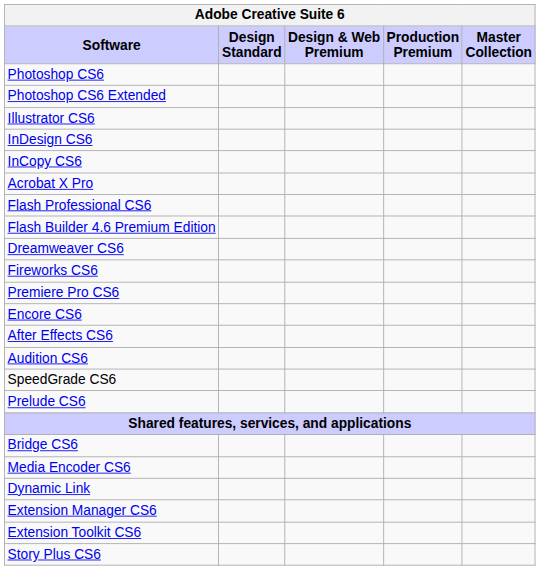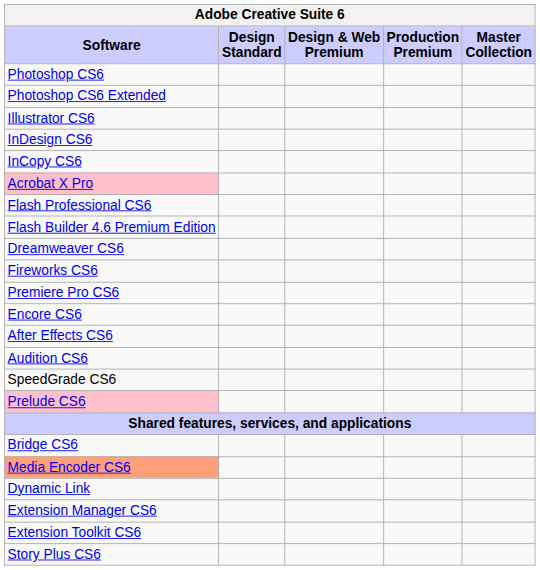 <table class="wikitable collapsible collapsed">
 <tr>
 <th colspan="7">Adobe Creative Suite 6</th>
 </tr>
 <tr>
 <th style="background:#ccf;">Software</th>
 <th style="background:#ccf;">Design<br>Standard</th>
 <th style="background:#ccf;">Design & Web<br>Premium</th>
 <th style="background:#ccf;">Production<br>Premium</th>
 <th style="background:#ccf;">Master<br>Collection</th>
 </tr>
 <tr>
 <td><a href='#'>Photoshop CS6</a></td>
 <td style="text-align: center;"></td>
 <td></td>
 <td></td>
 <td></td>
 </tr>
 <tr>
 <td><a href='#'>Photoshop CS6 Extended</a></td>
 <td></td>
 <td style="text-align: center;"></td>
 <td style="text-align: center;"></td>
 <td style="text-align: center;"></td>
 </tr>
 <tr>
 <td><a href='#'>Illustrator CS6</a></td>
 <td style="text-align: center;"></td>
 <td style="text-align: center;"></td>
 <td style="text-align: center;"></td>
 <td style="text-align: center;"></td>
 </tr>
 <tr>
 <td><a href='#'>InDesign CS6</a></td>
 <td style="text-align: center;"></td>
 <td style="text-align: center;"></td>
 <td></td>
 <td style="text-align: center;"></td>
 </tr>
 <tr>
 <td><a href='#'>InCopy CS6</a></td>
 <td></td>
 <td></td>
 <td></td>
 <td></td>
 </tr>
 <tr>
-<td><a href='#'>Acrobat X Pro</a></td>
+<td style="background: pink;"><a href='#'>Acrobat X Pro</a></td>
 <td style="text-align: center;"></td>
 <td style="text-align: center;"></td>
 <td></td>
 <td style="text-align: center;"></td>
 </tr>
 <tr>
 <td><a href='#'>Flash Professional CS6</a></td>
 <td></td>
 <td style="text-align: center;"></td>
 <td style="text-align: center;"></td>
 <td style="text-align: center;"></td>
 </tr>
 <tr>
 <td><a href='#'>Flash Builder 4.6 Premium Edition</a></td>
 <td></td>
 <td></td>
 <td></td>
 <td style="text-align: center;"></td>
 </tr>
 <tr>
 <td><a href='#'>Dreamweaver CS6</a></td>
 <td></td>
 <td style="text-align: center;"></td>
 <td></td>
 <td style="text-align: center;"></td>
 </tr>
 <tr>
 <td><a href='#'>Fireworks CS6</a></td>
 <td></td>
 <td style="text-align: center;"></td>
 <td></td>
 <td style="text-align: center;"></td>
 </tr>
 <tr>
 <td><a href='#'>Premiere Pro CS6</a></td>
 <td></td>
 <td></td>
 <td style="text-align: center;"></td>
 <td style="text-align: center;"></td>
 </tr>
 <tr>
 <td><a href='#'>Encore CS6</a></td>
 <td></td>
 <td></td>
 <td style="text-align: center;"></td>
 <td style="text-align: center;"></td>
 </tr>
 <tr>
 <td><a href='#'>After Effects CS6</a></td>
 <td></td>
 <td></td>
 <td style="text-align: center;"></td>
 <td style="text-align: center;"></td>
 </tr>
 <tr>
 <td><a href='#'>Audition CS6</a></td>
 <td></td>
 <td></td>
 <td style="text-align: center;"></td>
 <td style="text-align: center;"></td>
 </tr>
 <tr>
 <td>SpeedGrade CS6</td>
 <td></td>
 <td></td>
 <td style="text-align: center;"></td>
 <td style="text-align: center;"></td>
 </tr>
 <tr>
-<td><a href='#'>Prelude CS6</a></td>
+<td style="background: pink;"><a href='#'>Prelude CS6</a></td>
 <td></td>
 <td></td>
 <td style="text-align: center;"></td>
 <td style="text-align: center;"></td>
 </tr>
 <tr>
 <th colspan="7" style="background:#ccf;">Shared features, services, and applications</th>
 </tr>
 <tr>
 <td><a href='#'>Bridge CS6</a></td>
 <td style="text-align: center;"></td>
 <td style="text-align: center;"></td>
 <td style="text-align: center;"></td>
 <td style="text-align: center;"></td>
 </tr>
 <tr>
-<td><a href='#'>Media Encoder CS6</a></td>
+<td style="background: lightsalmon;"><a href='#'>Media Encoder CS6</a></td>
 <td style="text-align: center;"></td>
 <td style="text-align: center;"></td>
 <td style="text-align: center;"></td>
 <td style="text-align: center;"></td>
 </tr>
 <tr>
 <td><a href='#'>Dynamic Link</a></td>
 <td></td>
 <td></td>
 <td style="text-align: center;"></td>
 <td style="text-align: center;"></td>
 </tr>
 <tr>
 <td><a href='#'>Extension Manager CS6</a></td>
 <td></td>
 <td></td>
 <td></td>
 <td></td>
 </tr>
 <tr>
 <td><a href='#'>Extension Toolkit CS6</a></td>
 <td></td>
 <td></td>
 <td></td>
 <td></td>
 </tr>
 <tr>
 <td><a href='#'>Story Plus CS6</a></td>
 <td></td>
 <td></td>
 <td></td>
 <td></td>
 </tr>
 </table>
